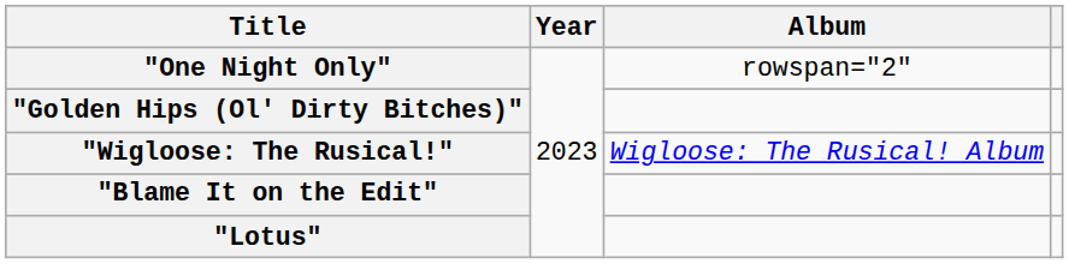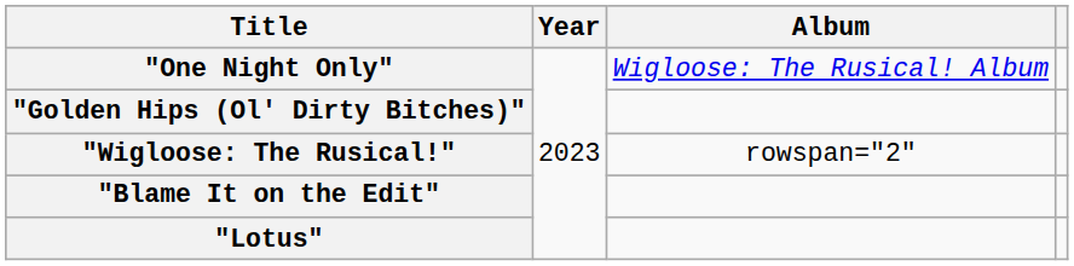 <table class="wikitable plainrowheaders" style="text-align:center;">
 <tr>
 <th class="unsortable" scope="col">Title</th>
 <th class="unsortable" scope="col">Year</th>
 <th class="unsortable" scope="col">Album</th>
 <th class="unsortable" scope="col"></th>
 </tr>
 <tr>
 <th scope="row">"One Night Only" <br></th>
 <td rowspan="5">2023</td>
-<td>rowspan="2" </td>
+<td><em><a href='#'>Wigloose: The Rusical! Album</a></em></td>
 <td style="text-align: center;"></td>
 </tr>
 <tr>
 <th scope="row">"Golden Hips (Ol' Dirty Bitches)" <br></th>
 <td style="text-align: center;"></td>
 </tr>
 <tr>
 <th scope="row">"Wigloose: The Rusical!" <br></th>
-<td><em><a href='#'>Wigloose: The Rusical! Album</a></em></td>
+<td>rowspan="2" </td>
 <td style="text-align: center;"></td>
 </tr>
 <tr>
 <th scope="row">"Blame It on the Edit" <br></th>
 <td></td>
 <td style="text-align: center;"></td>
 </tr>
 <tr>
 <th scope="row">"Lotus"</th>
 <td></td>
 <td style="text-align: center;"></td>
 </tr>
 </table>
